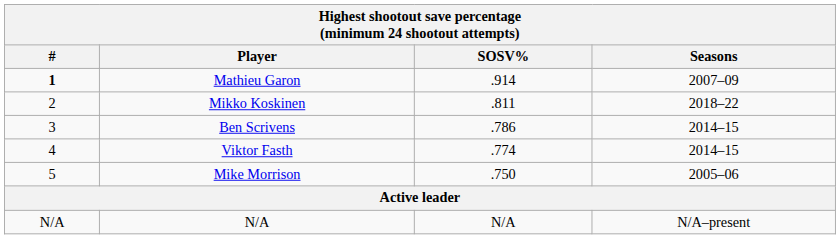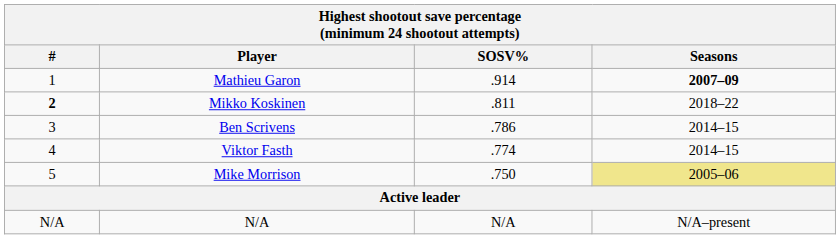 <table class="wikitable" style="text-align: center; font-size: 95%" width="70%">
 <tr>
 <th colspan="4">Highest shootout save percentage<br>(minimum 24 shootout attempts)</th>
 </tr>
 <tr>
 <th>#</th>
 <th>Player</th>
 <th>SOSV%</th>
 <th>Seasons</th>
 </tr>
 <tr>
-<td><strong>1</strong></td>
+<td>1</td>
 <td><a href='#'>Mathieu Garon</a></td>
 <td>.914</td>
-<td>2007–09</td>
+<td><strong>2007–09</strong></td>
 </tr>
 <tr>
-<td>2</td>
+<td><strong>2</strong></td>
 <td><a href='#'>Mikko Koskinen</a></td>
 <td>.811</td>
 <td>2018–22</td>
 </tr>
 <tr>
 <td>3</td>
 <td><a href='#'>Ben Scrivens</a></td>
 <td>.786</td>
 <td>2014–15</td>
 </tr>
 <tr>
 <td>4</td>
 <td><a href='#'>Viktor Fasth</a></td>
 <td>.774</td>
 <td>2014–15</td>
 </tr>
 <tr>
 <td>5</td>
 <td><a href='#'>Mike Morrison</a></td>
 <td>.750</td>
-<td>2005–06</td>
+<td style="background: khaki;">2005–06</td>
 </tr>
 <tr>
 <th colspan="4">Active leader</th>
 </tr>
 <tr>
 <td>N/A</td>
 <td>N/A</td>
 <td>N/A</td>
 <td>N/A–present</td>
 </tr>
 </table>
